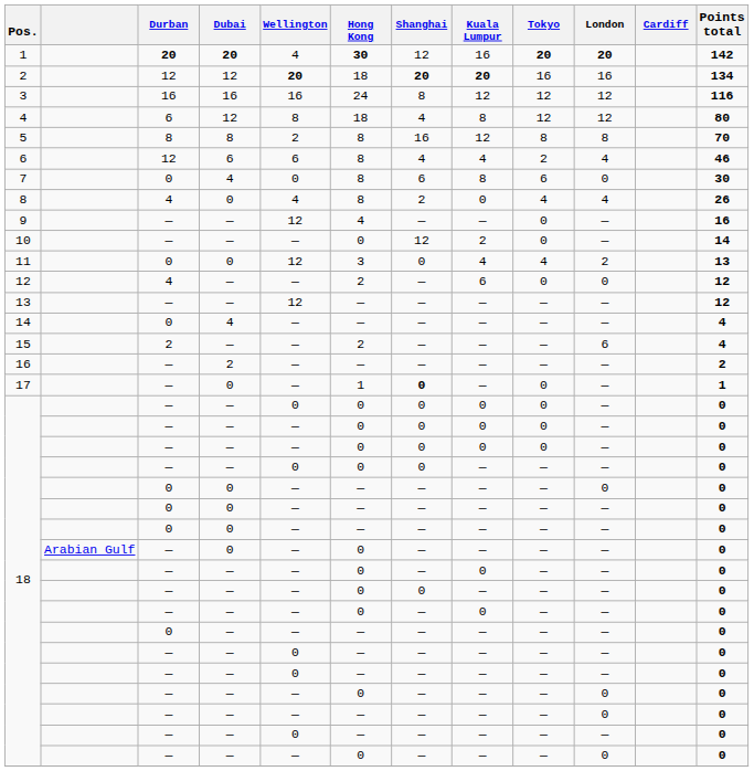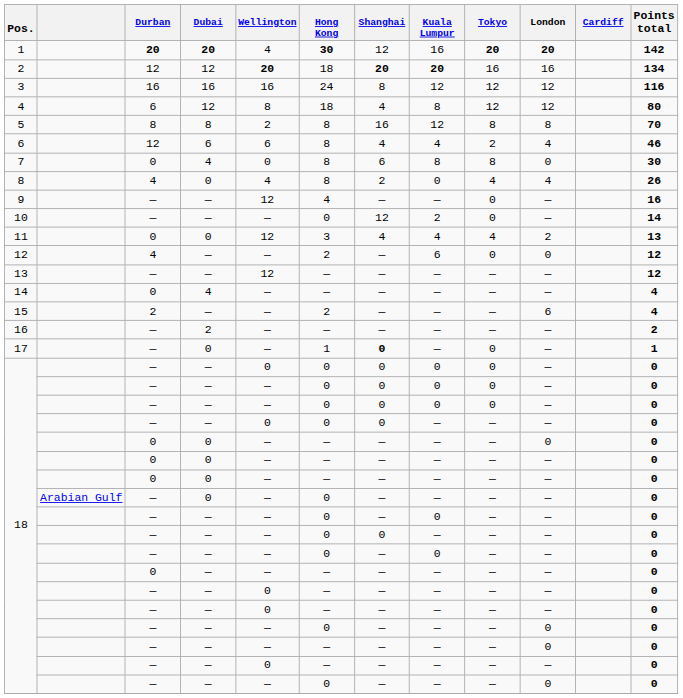 <table class="wikitable" style="text-align:center;">
 <tr>
 <th style="width:2em;"><br>Pos.</th>
 <th></th>
 <th style="width:5.2em; vertical-align:top; font-size:85%;"><br><a href='#'>Durban</a></th>
 <th style="width:5.2em; vertical-align:top; font-size:85%;"><br><a href='#'>Dubai</a></th>
 <th style="width:5.2em; vertical-align:top; font-size:85%;"><br><a href='#'>Wellington</a></th>
 <th style="width:5.2em; vertical-align:top; font-size:85%;"><br><a href='#'>Hong Kong</a></th>
 <th style="width:5.2em; vertical-align:top; font-size:85%;"><br><a href='#'>Shanghai</a></th>
 <th style="width:5.2em; vertical-align:top; font-size:85%;"><br><a href='#'>Kuala Lumpur</a></th>
 <th style="width:5.2em; vertical-align:top; font-size:85%;"><br><a href='#'>Tokyo</a></th>
 <th style="width:5.2em; vertical-align:top; font-size:85%;"><br>London</th>
 <th style="width:5.2em; vertical-align:top; font-size:85%;"><br><a href='#'>Cardiff</a></th>
 <th>Points<br>total</th>
 </tr>
 <tr>
 <td>1</td>
 <td align=left></td>
 <td><strong>20</strong></td>
 <td><strong>20</strong></td>
 <td>4</td>
 <td><strong>30</strong></td>
 <td>12</td>
 <td>16</td>
 <td><strong>20</strong></td>
 <td><strong>20</strong></td>
 <td></td>
 <td><strong>142</strong></td>
 </tr>
 <tr>
 <td>2</td>
 <td align=left></td>
 <td>12</td>
 <td>12</td>
 <td><strong>20</strong></td>
 <td>18</td>
 <td><strong>20</strong></td>
 <td><strong>20</strong></td>
 <td>16</td>
 <td>16</td>
 <td></td>
 <td><strong>134</strong></td>
 </tr>
 <tr>
 <td>3</td>
 <td align=left></td>
 <td>16</td>
 <td>16</td>
 <td>16</td>
 <td>24</td>
 <td>8</td>
 <td>12</td>
 <td>12</td>
 <td>12</td>
 <td></td>
 <td><strong>116</strong></td>
 </tr>
 <tr>
 <td>4</td>
 <td align=left></td>
 <td>6</td>
 <td>12</td>
 <td>8</td>
 <td>18</td>
 <td>4</td>
 <td>8</td>
 <td>12</td>
 <td>12</td>
 <td></td>
 <td><strong>80</strong></td>
 </tr>
 <tr>
 <td>5</td>
 <td align=left></td>
 <td>8</td>
 <td>8</td>
 <td>2</td>
 <td>8</td>
 <td>16</td>
 <td>12</td>
 <td>8</td>
 <td>8</td>
 <td></td>
 <td><strong>70</strong></td>
 </tr>
 <tr>
 <td>6</td>
 <td align=left></td>
 <td>12</td>
 <td>6</td>
 <td>6</td>
 <td>8</td>
 <td>4</td>
 <td>4</td>
 <td>2</td>
 <td>4</td>
 <td></td>
 <td><strong>46</strong></td>
 </tr>
 <tr>
 <td>7</td>
 <td align=left></td>
 <td>0</td>
 <td>4</td>
 <td>0</td>
 <td>8</td>
 <td>6</td>
 <td>8</td>
-<td>6</td>
+<td>8</td>
 <td>0</td>
 <td></td>
 <td><strong>30</strong></td>
 </tr>
 <tr>
 <td>8</td>
 <td align=left></td>
 <td>4</td>
 <td>0</td>
 <td>4</td>
 <td>8</td>
 <td>2</td>
 <td>0</td>
 <td>4</td>
 <td>4</td>
 <td></td>
 <td><strong>26</strong></td>
 </tr>
 <tr>
 <td>9</td>
 <td align=left></td>
 <td>—</td>
 <td>—</td>
 <td>12</td>
 <td>4</td>
 <td>—</td>
 <td>—</td>
 <td>0</td>
 <td>—</td>
 <td></td>
 <td><strong>16</strong></td>
 </tr>
 <tr>
 <td>10</td>
 <td align=left></td>
 <td>—</td>
 <td>—</td>
 <td>—</td>
 <td>0</td>
 <td>12</td>
 <td>2</td>
 <td>0</td>
 <td>—</td>
 <td></td>
 <td><strong>14</strong></td>
 </tr>
 <tr>
 <td>11</td>
 <td align=left></td>
 <td>0</td>
 <td>0</td>
 <td>12</td>
 <td>3</td>
-<td>0</td>
+<td>4</td>
 <td>4</td>
 <td>4</td>
 <td>2</td>
 <td></td>
 <td><strong>13</strong></td>
 </tr>
 <tr>
 <td>12</td>
 <td align=left></td>
 <td>4</td>
 <td>—</td>
 <td>—</td>
 <td>2</td>
 <td>—</td>
 <td>6</td>
 <td>0</td>
 <td>0</td>
 <td></td>
 <td><strong>12</strong></td>
 </tr>
 <tr>
 <td>13</td>
 <td align=left></td>
 <td>—</td>
 <td>—</td>
 <td>12</td>
 <td>—</td>
 <td>—</td>
 <td>—</td>
 <td>—</td>
 <td>—</td>
 <td></td>
 <td><strong>12</strong></td>
 </tr>
 <tr>
 <td>14</td>
 <td align=left></td>
 <td>0</td>
 <td>4</td>
 <td>—</td>
 <td>—</td>
 <td>—</td>
 <td>—</td>
 <td>—</td>
 <td>—</td>
 <td></td>
 <td><strong>4</strong></td>
 </tr>
 <tr>
 <td>15</td>
 <td align=left></td>
 <td>2</td>
 <td>—</td>
 <td>—</td>
 <td>2</td>
 <td>—</td>
 <td>—</td>
 <td>—</td>
 <td>6</td>
 <td></td>
 <td><strong>4</strong></td>
 </tr>
 <tr>
 <td>16</td>
 <td align=left></td>
 <td>—</td>
 <td>2</td>
 <td>—</td>
 <td>—</td>
 <td>—</td>
 <td>—</td>
 <td>—</td>
 <td>—</td>
 <td></td>
 <td><strong>2</strong></td>
 </tr>
 <tr>
 <td>17</td>
 <td align=left></td>
 <td>—</td>
 <td>0</td>
 <td>—</td>
 <td>1</td>
 <td><strong>0</strong></td>
 <td>—</td>
 <td>0</td>
 <td>—</td>
 <td></td>
 <td><strong>1</strong></td>
 </tr>
 <tr>
 <td rowspan=18>18</td>
 <td align=left></td>
 <td>—</td>
 <td>—</td>
 <td>0</td>
 <td>0</td>
 <td>0</td>
 <td>0</td>
 <td>0</td>
 <td>—</td>
 <td></td>
 <td><strong>0</strong></td>
 </tr>
 <tr>
 <td align=left></td>
 <td>—</td>
 <td>—</td>
 <td>—</td>
 <td>0</td>
 <td>0</td>
 <td>0</td>
 <td>0</td>
 <td>—</td>
 <td></td>
 <td><strong>0</strong></td>
 </tr>
 <tr>
 <td align=left></td>
 <td>—</td>
 <td>—</td>
 <td>—</td>
 <td>0</td>
 <td>0</td>
 <td>0</td>
 <td>0</td>
 <td>—</td>
 <td></td>
 <td><strong>0</strong></td>
 </tr>
 <tr>
 <td align=left></td>
 <td>—</td>
 <td>—</td>
 <td>0</td>
 <td>0</td>
 <td>0</td>
 <td>—</td>
 <td>—</td>
 <td>—</td>
 <td></td>
 <td><strong>0</strong></td>
 </tr>
 <tr>
 <td align=left></td>
 <td>0</td>
 <td>0</td>
 <td>—</td>
 <td>—</td>
 <td>—</td>
 <td>—</td>
 <td>—</td>
 <td>0</td>
 <td></td>
 <td><strong>0</strong></td>
 </tr>
 <tr>
 <td align=left></td>
 <td>0</td>
 <td>0</td>
 <td>—</td>
 <td>—</td>
 <td>—</td>
 <td>—</td>
 <td>—</td>
 <td>—</td>
 <td></td>
 <td><strong>0</strong></td>
 </tr>
 <tr>
 <td align=left></td>
 <td>0</td>
 <td>0</td>
 <td>—</td>
 <td>—</td>
 <td>—</td>
 <td>—</td>
 <td>—</td>
 <td>—</td>
 <td></td>
 <td><strong>0</strong></td>
 </tr>
 <tr>
 <td align=left> <a href='#'>Arabian Gulf</a></td>
 <td>—</td>
 <td>0</td>
 <td>—</td>
 <td>0</td>
 <td>—</td>
 <td>—</td>
 <td>—</td>
 <td>—</td>
 <td></td>
 <td><strong>0</strong></td>
 </tr>
 <tr>
 <td align=left></td>
 <td>—</td>
 <td>—</td>
 <td>—</td>
 <td>0</td>
 <td>—</td>
 <td>0</td>
 <td>—</td>
 <td>—</td>
 <td></td>
 <td><strong>0</strong></td>
 </tr>
 <tr>
 <td align=left></td>
 <td>—</td>
 <td>—</td>
 <td>—</td>
 <td>0</td>
 <td>0</td>
 <td>—</td>
 <td>—</td>
 <td>—</td>
 <td></td>
 <td><strong>0</strong></td>
 </tr>
 <tr>
 <td align=left></td>
 <td>—</td>
 <td>—</td>
 <td>—</td>
 <td>0</td>
 <td>—</td>
 <td>0</td>
 <td>—</td>
 <td>—</td>
 <td></td>
 <td><strong>0</strong></td>
 </tr>
 <tr>
 <td align=left></td>
 <td>0</td>
 <td>—</td>
 <td>—</td>
 <td>—</td>
 <td>—</td>
 <td>—</td>
 <td>—</td>
 <td>—</td>
 <td></td>
 <td><strong>0</strong></td>
 </tr>
 <tr>
 <td align=left></td>
 <td>—</td>
 <td>—</td>
 <td>0</td>
 <td>—</td>
 <td>—</td>
 <td>—</td>
 <td>—</td>
 <td>—</td>
 <td></td>
 <td><strong>0</strong></td>
 </tr>
 <tr>
 <td align=left></td>
 <td>—</td>
 <td>—</td>
 <td>0</td>
 <td>—</td>
 <td>—</td>
 <td>—</td>
 <td>—</td>
 <td>—</td>
 <td></td>
 <td><strong>0</strong></td>
 </tr>
 <tr>
 <td align=left></td>
 <td>—</td>
 <td>—</td>
 <td>—</td>
 <td>0</td>
 <td>—</td>
 <td>—</td>
 <td>—</td>
 <td>0</td>
 <td></td>
 <td><strong>0</strong></td>
 </tr>
 <tr>
 <td align=left></td>
 <td>—</td>
 <td>—</td>
 <td>—</td>
 <td>—</td>
 <td>—</td>
 <td>—</td>
 <td>—</td>
 <td>0</td>
 <td></td>
 <td><strong>0</strong></td>
 </tr>
 <tr>
 <td align=left></td>
 <td>—</td>
 <td>—</td>
 <td>0</td>
 <td>—</td>
 <td>—</td>
 <td>—</td>
 <td>—</td>
 <td>—</td>
 <td></td>
 <td><strong>0</strong></td>
 </tr>
 <tr>
 <td align=left></td>
 <td>—</td>
 <td>—</td>
 <td>—</td>
 <td>0</td>
 <td>—</td>
 <td>—</td>
 <td>—</td>
 <td>0</td>
 <td></td>
 <td><strong>0</strong></td>
 </tr>
 <tr>
 </tr>
 </table>
